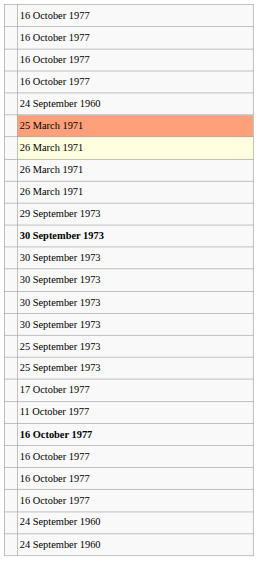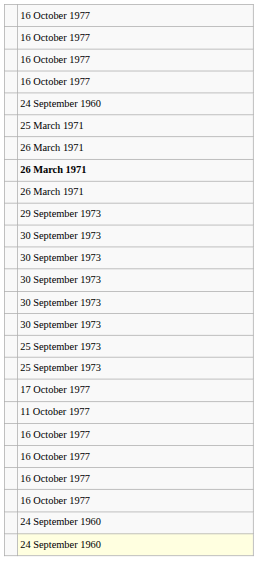 <table class="wikitable" style="font-size: 89%; float: left; width: 24em; margin-right: 1em; line-height: 1.65em">
 <tr>
 <td></td>
 <td>16 October 1977</td>
 </tr>
 <tr>
 <td></td>
 <td>16 October 1977</td>
 </tr>
 <tr>
 <td></td>
 <td>16 October 1977</td>
 </tr>
 <tr>
 <td></td>
 <td>16 October 1977</td>
 </tr>
 <tr>
 <td></td>
 <td>24 September 1960</td>
 </tr>
 <tr>
 <td></td>
-<td style="background: lightsalmon;">25 March 1971</td>
-</tr>
-<tr>
-<td></td>
-<td style="background: lightyellow;">26 March 1971</td>
+<td>25 March 1971</td>
 </tr>
 <tr>
 <td></td>
 <td>26 March 1971</td>
+</tr>
+<tr>
+<td></td>
+<td><strong>26 March 1971</strong></td>
 </tr>
 <tr>
 <td></td>
 <td>26 March 1971</td>
 </tr>
 <tr>
 <td></td>
 <td>29 September 1973</td>
 </tr>
 <tr>
 <td></td>
-<td><strong>30 September 1973</strong></td>
+<td>30 September 1973</td>
 </tr>
 <tr>
 <td></td>
 <td>30 September 1973</td>
 </tr>
 <tr>
 <td></td>
 <td>30 September 1973</td>
 </tr>
 <tr>
 <td></td>
 <td>30 September 1973</td>
 </tr>
 <tr>
 <td></td>
 <td>30 September 1973</td>
 </tr>
 <tr>
 <td></td>
 <td>25 September 1973</td>
 </tr>
 <tr>
 <td></td>
 <td>25 September 1973</td>
 </tr>
 <tr>
 <td></td>
 <td>17 October 1977</td>
 </tr>
 <tr>
 <td></td>
 <td>11 October 1977</td>
 </tr>
 <tr>
 <td></td>
-<td><strong>16 October 1977</strong></td>
+<td>16 October 1977</td>
 </tr>
 <tr>
 <td></td>
 <td>16 October 1977</td>
 </tr>
 <tr>
 <td></td>
 <td>16 October 1977</td>
 </tr>
 <tr>
 <td></td>
 <td>16 October 1977</td>
 </tr>
 <tr>
 <td></td>
 <td>24 September 1960</td>
 </tr>
 <tr>
 <td></td>
-<td>24 September 1960</td>
+<td style="background: lightyellow;">24 September 1960</td>
 </tr>
 </table>
